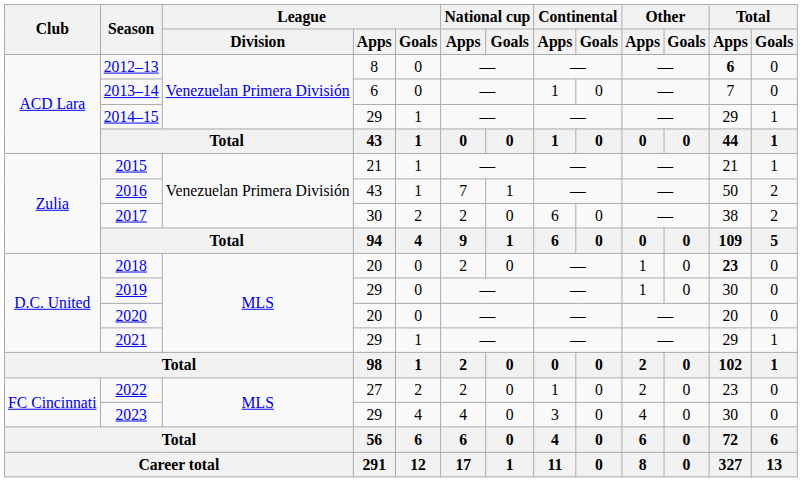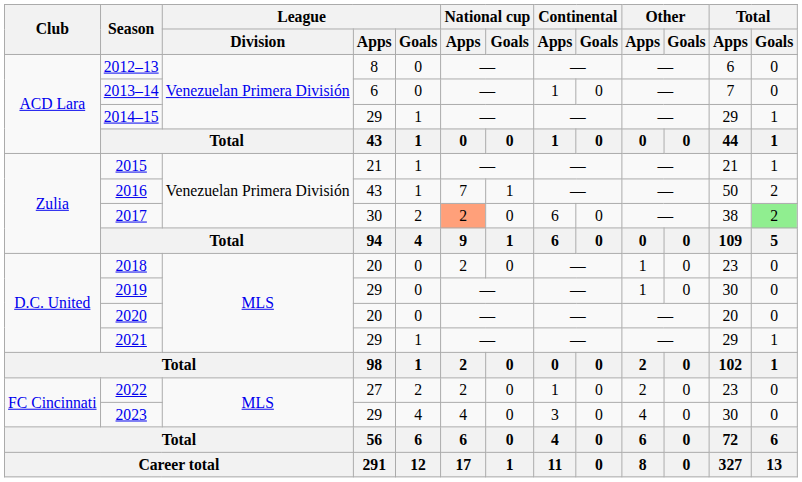 <table class="wikitable" style="text-align:center">
 <tr>
 <th rowspan="2">Club</th>
 <th rowspan="2">Season</th>
 <th colspan="3">League</th>
 <th colspan="2">National cup</th>
 <th colspan="2">Continental</th>
 <th colspan="2">Other</th>
 <th colspan="2">Total</th>
 </tr>
 <tr>
 <th>Division</th>
 <th>Apps</th>
 <th>Goals</th>
 <th>Apps</th>
 <th>Goals</th>
 <th>Apps</th>
 <th>Goals</th>
 <th>Apps</th>
 <th>Goals</th>
 <th>Apps</th>
 <th>Goals</th>
 </tr>
 <tr>
 <td rowspan="4"><a href='#'>ACD Lara</a></td>
 <td><a href='#'>2012–13</a></td>
 <td rowspan="3"><a href='#'>Venezuelan Primera División</a></td>
 <td>8</td>
 <td>0</td>
 <td colspan="2">—</td>
 <td colspan="2">—</td>
 <td colspan="2">—</td>
-<td><strong>6</strong></td>
+<td>6</td>
 <td>0</td>
 </tr>
 <tr>
 <td><a href='#'>2013–14</a></td>
 <td>6</td>
 <td>0</td>
 <td colspan="2">—</td>
 <td>1</td>
 <td>0</td>
 <td colspan="2">—</td>
 <td>7</td>
 <td>0</td>
 </tr>
 <tr>
 <td><a href='#'>2014–15</a></td>
 <td>29</td>
 <td>1</td>
 <td colspan="2">—</td>
 <td colspan="2">—</td>
 <td colspan="2">—</td>
 <td>29</td>
 <td>1</td>
 </tr>
 <tr>
 <th colspan="2">Total</th>
 <th>43</th>
 <th>1</th>
 <th>0</th>
 <th>0</th>
 <th>1</th>
 <th>0</th>
 <th>0</th>
 <th>0</th>
 <th>44</th>
 <th>1</th>
 </tr>
 <tr>
 <td rowspan="4"><a href='#'>Zulia</a></td>
 <td><a href='#'>2015</a></td>
 <td rowspan="3">Venezuelan Primera División</td>
 <td>21</td>
 <td>1</td>
 <td colspan="2">—</td>
 <td colspan="2">—</td>
 <td colspan="2">—</td>
 <td>21</td>
 <td>1</td>
 </tr>
 <tr>
 <td><a href='#'>2016</a></td>
 <td>43</td>
 <td>1</td>
 <td>7</td>
 <td>1</td>
 <td colspan="2">—</td>
 <td colspan="2">—</td>
 <td>50</td>
 <td>2</td>
 </tr>
 <tr>
 <td><a href='#'>2017</a></td>
 <td>30</td>
 <td>2</td>
-<td>2</td>
+<td style="background: lightsalmon;">2</td>
 <td>0</td>
 <td>6</td>
 <td>0</td>
 <td colspan="2">—</td>
 <td>38</td>
-<td>2</td>
+<td style="background: lightgreen;">2</td>
 </tr>
 <tr>
 <th colspan="2">Total</th>
 <th>94</th>
 <th>4</th>
 <th>9</th>
 <th>1</th>
 <th>6</th>
 <th>0</th>
 <th>0</th>
 <th>0</th>
 <th>109</th>
 <th>5</th>
 </tr>
 <tr>
 <td rowspan="4"><a href='#'>D.C. United</a></td>
 <td><a href='#'>2018</a></td>
 <td rowspan="4"><a href='#'>MLS</a></td>
 <td>20</td>
 <td>0</td>
 <td>2</td>
 <td>0</td>
 <td colspan="2">—</td>
 <td>1</td>
 <td>0</td>
-<td><strong>23</strong></td>
+<td>23</td>
 <td>0</td>
 </tr>
 <tr>
 <td><a href='#'>2019</a></td>
 <td>29</td>
 <td>0</td>
 <td colspan="2">—</td>
 <td colspan="2">—</td>
 <td>1</td>
 <td>0</td>
 <td>30</td>
 <td>0</td>
 </tr>
 <tr>
 <td><a href='#'>2020</a></td>
 <td>20</td>
 <td>0</td>
 <td colspan="2">—</td>
 <td colspan="2">—</td>
 <td colspan="2">—</td>
 <td>20</td>
 <td>0</td>
 </tr>
 <tr>
 <td><a href='#'>2021</a></td>
 <td>29</td>
 <td>1</td>
 <td colspan="2">—</td>
 <td colspan="2">—</td>
 <td colspan="2">—</td>
 <td>29</td>
 <td>1</td>
 </tr>
 <tr>
 <th colspan="3">Total</th>
 <th>98</th>
 <th>1</th>
 <th>2</th>
 <th>0</th>
 <th>0</th>
 <th>0</th>
 <th>2</th>
 <th>0</th>
 <th>102</th>
 <th>1</th>
 </tr>
 <tr>
 <td rowspan="2"><a href='#'>FC Cincinnati</a></td>
 <td><a href='#'>2022</a></td>
 <td rowspan="2"><a href='#'>MLS</a></td>
 <td>27</td>
 <td>2</td>
 <td>2</td>
 <td>0</td>
 <td>1</td>
 <td>0</td>
 <td>2</td>
 <td>0</td>
 <td>23</td>
 <td>0</td>
 </tr>
 <tr>
 <td><a href='#'>2023</a></td>
 <td>29</td>
 <td>4</td>
 <td>4</td>
 <td>0</td>
 <td>3</td>
 <td>0</td>
 <td>4</td>
 <td>0</td>
 <td>30</td>
 <td>0</td>
 </tr>
 <tr>
 <th colspan="3">Total</th>
 <th>56</th>
 <th>6</th>
 <th>6</th>
 <th>0</th>
 <th>4</th>
 <th>0</th>
 <th>6</th>
 <th>0</th>
 <th>72</th>
 <th>6</th>
 </tr>
 <tr>
 <th colspan="3">Career total</th>
 <th>291</th>
 <th>12</th>
 <th>17</th>
 <th>1</th>
 <th>11</th>
 <th>0</th>
 <th>8</th>
 <th>0</th>
 <th>327</th>
 <th>13</th>
 </tr>
 </table>
